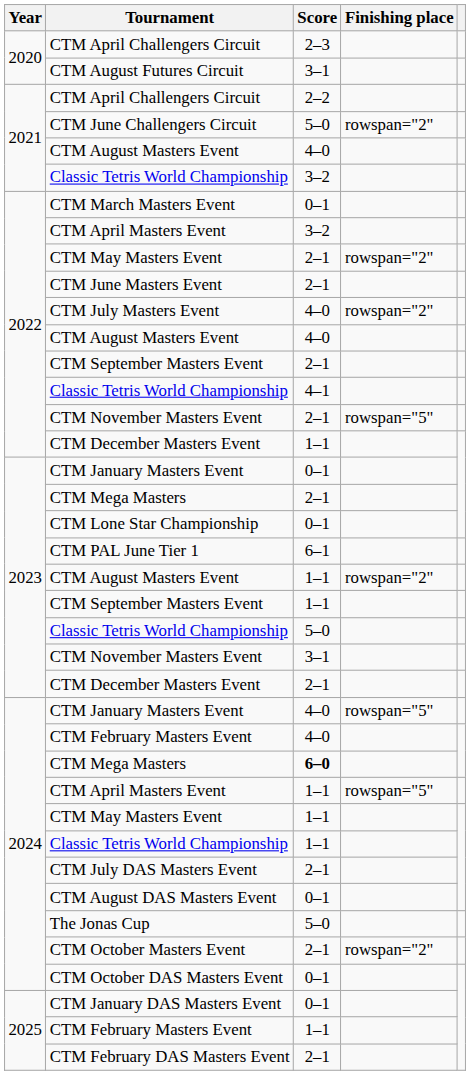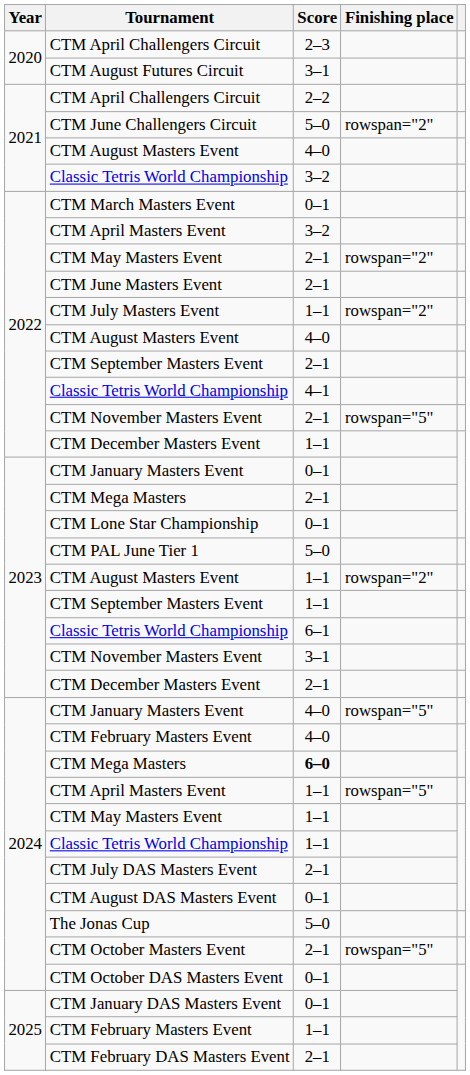 <table class="sortable wikitable plainrowheaders">
 <tr>
 <th scope="col">Year</th>
 <th scope="col">Tournament</th>
 <th scope="col">Score</th>
 <th scope="col">Finishing place</th>
 <th scope="col" align="center" class=unsortable></th>
 </tr>
 <tr>
 <td rowspan="2">2020</td>
 <td>CTM April Challengers Circuit</td>
 <td align="center">2–3</td>
 <td></td>
 <td align="center"></td>
 </tr>
 <tr>
 <td>CTM August Futures Circuit</td>
 <td align="center">3–1</td>
 <td></td>
 <td align="center"></td>
 </tr>
 <tr>
 <td rowspan="4">2021</td>
 <td>CTM April Challengers Circuit</td>
 <td align="center">2–2</td>
 <td></td>
 <td align="center"></td>
 </tr>
 <tr>
 <td>CTM June Challengers Circuit</td>
 <td align="center">5–0</td>
 <td>rowspan="2" </td>
 <td align="center"></td>
 </tr>
 <tr>
 <td>CTM August Masters Event</td>
 <td align="center">4–0</td>
 <td align="center"></td>
 </tr>
 <tr>
 <td><a href='#'>Classic Tetris World Championship</a></td>
 <td align="center">3–2</td>
 <td></td>
 <td align="center"></td>
 </tr>
 <tr>
 <td rowspan="10">2022</td>
 <td>CTM March Masters Event</td>
 <td align="center">0–1</td>
 <td></td>
 <td align="center"></td>
 </tr>
 <tr>
 <td>CTM April Masters Event</td>
 <td align="center">3–2</td>
 <td></td>
 <td align="center"></td>
 </tr>
 <tr>
 <td>CTM May Masters Event</td>
 <td align="center">2–1</td>
 <td>rowspan="2" </td>
 <td align="center"></td>
 </tr>
 <tr>
 <td>CTM June Masters Event</td>
 <td align="center">2–1</td>
 <td align="center"></td>
 </tr>
 <tr>
 <td>CTM July Masters Event</td>
-<td align="center">4–0</td>
+<td align="center">1–1</td>
 <td>rowspan="2" </td>
 <td align="center"></td>
 </tr>
 <tr>
 <td>CTM August Masters Event</td>
 <td align="center">4–0</td>
 <td align="center"></td>
 </tr>
 <tr>
 <td>CTM September Masters Event</td>
 <td align="center">2–1</td>
 <td></td>
 <td align="center"></td>
 </tr>
 <tr>
 <td><a href='#'>Classic Tetris World Championship</a></td>
 <td align="center">4–1</td>
 <td></td>
 <td align="center"></td>
 </tr>
 <tr>
 <td>CTM November Masters Event</td>
 <td align="center">2–1</td>
 <td>rowspan="5" </td>
 <td align="center"></td>
 </tr>
 <tr>
 <td>CTM December Masters Event</td>
 <td align="center">1–1</td>
 <td align="center"></td>
 </tr>
 <tr>
 <td rowspan="9">2023</td>
 <td>CTM January Masters Event</td>
 <td align="center">0–1</td>
 <td align="center"></td>
 </tr>
 <tr>
 <td>CTM Mega Masters</td>
 <td align="center">2–1</td>
 <td align="center"></td>
 </tr>
 <tr>
 <td>CTM Lone Star Championship</td>
 <td align="center">0–1</td>
 <td align="center"></td>
 </tr>
 <tr>
 <td>CTM PAL June Tier 1</td>
-<td align="center">6–1</td>
+<td align="center">5–0</td>
 <td></td>
 <td align="center"></td>
 </tr>
 <tr>
 <td>CTM August Masters Event</td>
 <td align="center">1–1</td>
 <td>rowspan="2" </td>
 <td align="center"></td>
 </tr>
 <tr>
 <td>CTM September Masters Event</td>
 <td align="center">1–1</td>
 <td align="center"></td>
 </tr>
 <tr>
 <td><a href='#'>Classic Tetris World Championship</a></td>
-<td align="center">5–0</td>
+<td align="center">6–1</td>
 <td></td>
 <td align="center"></td>
 </tr>
 <tr>
 <td>CTM November Masters Event</td>
 <td align="center">3–1</td>
 <td></td>
 <td align="center"></td>
 </tr>
 <tr>
 <td>CTM December Masters Event</td>
 <td align="center">2–1</td>
 <td></td>
 <td align="center"></td>
 </tr>
 <tr>
 <td rowspan="11">2024</td>
 <td>CTM January Masters Event</td>
 <td align="center">4–0</td>
 <td>rowspan="5" </td>
 <td align="center"></td>
 </tr>
 <tr>
 <td>CTM February Masters Event</td>
 <td align="center">4–0</td>
 <td align="center"></td>
 </tr>
 <tr>
 <td>CTM Mega Masters</td>
 <td align="center"><strong>6–0</strong></td>
 <td align="center"></td>
 </tr>
 <tr>
 <td>CTM April Masters Event</td>
 <td align="center">1–1</td>
 <td>rowspan="5" </td>
 <td align="center"></td>
 </tr>
 <tr>
 <td>CTM May Masters Event</td>
 <td align="center">1–1</td>
 <td align="center"></td>
 </tr>
 <tr>
 <td><a href='#'>Classic Tetris World Championship</a></td>
 <td align="center">1–1</td>
 <td align="center"></td>
 </tr>
 <tr>
 <td>CTM July DAS Masters Event</td>
 <td align="center">2–1</td>
 <td align="center"></td>
 </tr>
 <tr>
 <td>CTM August DAS Masters Event</td>
 <td align="center">0–1</td>
 <td align="center"></td>
 </tr>
 <tr>
 <td>The Jonas Cup</td>
 <td align="center">5–0</td>
 <td></td>
 <td align="center"></td>
 </tr>
 <tr>
 <td>CTM October Masters Event</td>
 <td align="center">2–1</td>
-<td>rowspan="2" </td>
+<td>rowspan="5" </td>
 <td align="center"></td>
 </tr>
 <tr>
 <td>CTM October DAS Masters Event</td>
 <td align="center">0–1</td>
 <td align="center"></td>
 </tr>
 <tr>
 <td rowspan="3">2025</td>
 <td>CTM January DAS Masters Event</td>
 <td align="center">0–1</td>
 <td align="center"></td>
 </tr>
 <tr>
 <td>CTM February Masters Event</td>
 <td align="center">1–1</td>
 <td align="center"></td>
 </tr>
 <tr>
 <td>CTM February DAS Masters Event</td>
 <td align="center">2–1</td>
 <td align="center"></td>
 </tr>
 </table>
